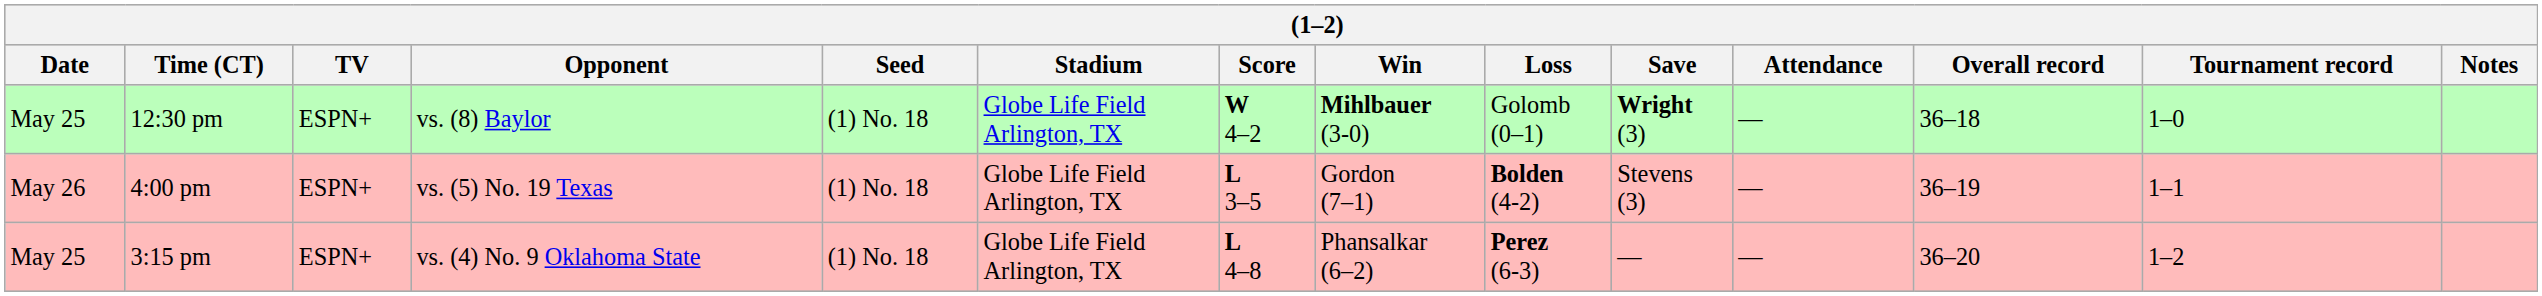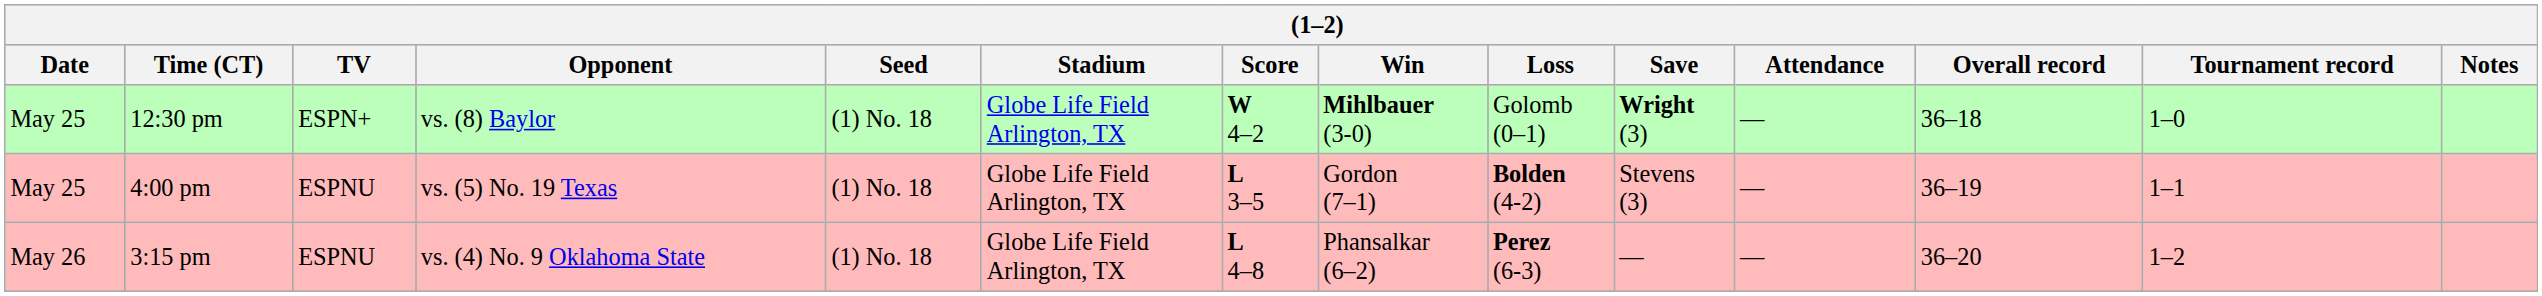 <table class="wikitable collapsible" style="margin:auto; font-size:95%; width:100%">
 <tr>
 <th colspan=15 style="padding-left:4em;"> (1–2)</th>
 </tr>
 <tr>
 <th>Date</th>
 <th>Time (CT)</th>
 <th>TV</th>
 <th>Opponent</th>
 <th>Seed</th>
 <th>Stadium</th>
 <th>Score</th>
 <th>Win</th>
 <th>Loss</th>
 <th>Save</th>
 <th>Attendance</th>
 <th>Overall record</th>
 <th>Tournament record</th>
 <th>Notes</th>
 </tr>
 <tr bgcolor="bbffbb">
 <td>May 25</td>
 <td>12:30 pm</td>
 <td>ESPN+</td>
 <td>vs. (8) <a href='#'>Baylor</a></td>
 <td>(1) No. 18</td>
 <td><a href='#'>Globe Life Field</a><br><a href='#'>Arlington, TX</a></td>
 <td><strong>W</strong><br>4–2</td>
 <td><strong>Mihlbauer</strong><br>(3-0)</td>
 <td>Golomb<br>(0–1)</td>
 <td><strong>Wright</strong><br>(3)</td>
 <td>—</td>
 <td>36–18</td>
 <td>1–0</td>
 <td><br></td>
 </tr>
 <tr bgcolor="#ffbbbb">
-<td>May 26</td>
+<td>May 25</td>
 <td>4:00 pm</td>
-<td>ESPN+</td>
+<td>ESPNU</td>
 <td>vs. (5) No. 19 <a href='#'>Texas</a></td>
 <td>(1) No. 18</td>
 <td>Globe Life Field<br>Arlington, TX</td>
 <td><strong>L</strong><br>3–5</td>
 <td>Gordon<br>(7–1)</td>
 <td><strong>Bolden</strong><br>(4-2)</td>
 <td>Stevens<br>(3)</td>
 <td>—</td>
 <td>36–19</td>
 <td>1–1</td>
 <td><br></td>
 </tr>
 <tr bgcolor="#ffbbbb">
-<td>May 25</td>
+<td>May 26</td>
 <td>3:15 pm</td>
-<td>ESPN+</td>
+<td>ESPNU</td>
 <td>vs. (4) No. 9 <a href='#'>Oklahoma State</a></td>
 <td>(1) No. 18</td>
 <td>Globe Life Field<br>Arlington, TX</td>
 <td><strong>L</strong><br>4–8</td>
 <td>Phansalkar<br>(6–2)</td>
 <td><strong>Perez</strong><br>(6-3)</td>
 <td>—</td>
 <td>—</td>
 <td>36–20</td>
 <td>1–2</td>
 <td><br></td>
 </tr>
 </table>
